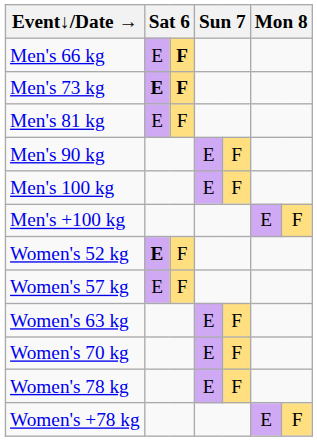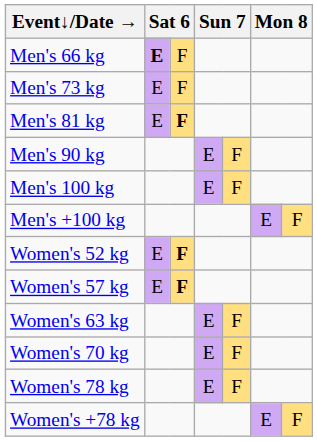 <table class="wikitable" style="margin:0.5em auto; font-size:90%; line-height:1.25em;">
 <tr style="text-align:center;">
 <th>Event↓/Date →</th>
 <th colspan="2">Sat 6</th>
 <th colspan="2">Sun 7</th>
 <th colspan="2">Mon 8</th>
 </tr>
 <tr style="text-align:center;">
 <td style="text-align:left;"><a href='#'>Men's 66 kg</a></td>
-<td style="background-color:#D0A9F5;">E</td>
-<td style="background-color:#FFDF80;"><strong>F</strong></td>
+<td style="background-color:#D0A9F5;"><strong>E</strong></td>
+<td style="background-color:#FFDF80;">F</td>
 <td colspan="2"></td>
 <td colspan="2"></td>
 </tr>
 <tr style="text-align:center;">
 <td style="text-align:left;"><a href='#'>Men's 73 kg</a></td>
-<td style="background-color:#D0A9F5;"><strong>E</strong></td>
-<td style="background-color:#FFDF80;"><strong>F</strong></td>
+<td style="background-color:#D0A9F5;">E</td>
+<td style="background-color:#FFDF80;">F</td>
 <td colspan="2"></td>
 <td colspan="2"></td>
 </tr>
 <tr style="text-align:center;">
 <td style="text-align:left;"><a href='#'>Men's 81 kg</a></td>
 <td style="background-color:#D0A9F5;">E</td>
-<td style="background-color:#FFDF80;">F</td>
+<td style="background-color:#FFDF80;"><strong>F</strong></td>
 <td colspan="2"></td>
 <td colspan="2"></td>
 </tr>
 <tr style="text-align:center;">
 <td style="text-align:left;"><a href='#'>Men's 90 kg</a></td>
 <td colspan="2"></td>
 <td style="background-color:#D0A9F5;">E</td>
 <td style="background-color:#FFDF80;">F</td>
 <td colspan="2"></td>
 </tr>
 <tr style="text-align:center;">
 <td style="text-align:left;"><a href='#'>Men's 100 kg</a></td>
 <td colspan="2"></td>
 <td style="background-color:#D0A9F5;">E</td>
 <td style="background-color:#FFDF80;">F</td>
 <td colspan="2"></td>
 </tr>
 <tr style="text-align:center;">
 <td style="text-align:left;"><a href='#'>Men's +100 kg</a></td>
 <td colspan="2"></td>
 <td colspan="2"></td>
 <td style="background-color:#D0A9F5;">E</td>
 <td style="background-color:#FFDF80;">F</td>
 </tr>
 <tr style="text-align:center;">
 <td style="text-align:left;"><a href='#'>Women's 52 kg</a></td>
-<td style="background-color:#D0A9F5;"><strong>E</strong></td>
-<td style="background-color:#FFDF80;">F</td>
+<td style="background-color:#D0A9F5;">E</td>
+<td style="background-color:#FFDF80;"><strong>F</strong></td>
 <td colspan="2"></td>
 <td colspan="2"></td>
 </tr>
 <tr style="text-align:center;">
 <td style="text-align:left;"><a href='#'>Women's 57 kg</a></td>
 <td style="background-color:#D0A9F5;">E</td>
-<td style="background-color:#FFDF80;">F</td>
+<td style="background-color:#FFDF80;"><strong>F</strong></td>
 <td colspan="2"></td>
 <td colspan="2"></td>
 </tr>
 <tr style="text-align:center;">
 <td style="text-align:left;"><a href='#'>Women's 63 kg</a></td>
 <td colspan="2"></td>
 <td style="background-color:#D0A9F5;">E</td>
 <td style="background-color:#FFDF80;">F</td>
 <td colspan="2"></td>
 </tr>
 <tr style="text-align:center;">
 <td style="text-align:left;"><a href='#'>Women's 70 kg</a></td>
 <td colspan="2"></td>
 <td style="background-color:#D0A9F5;">E</td>
 <td style="background-color:#FFDF80;">F</td>
 <td colspan="2"></td>
 </tr>
 <tr style="text-align:center;">
 <td style="text-align:left;"><a href='#'>Women's 78 kg</a></td>
 <td colspan="2"></td>
 <td style="background-color:#D0A9F5;">E</td>
 <td style="background-color:#FFDF80;">F</td>
 <td colspan="2"></td>
 </tr>
 <tr style="text-align:center;">
 <td style="text-align:left;"><a href='#'>Women's +78 kg</a></td>
 <td colspan="2"></td>
 <td colspan="2"></td>
 <td style="background-color:#D0A9F5;">E</td>
 <td style="background-color:#FFDF80;">F</td>
 </tr>
 </table>
